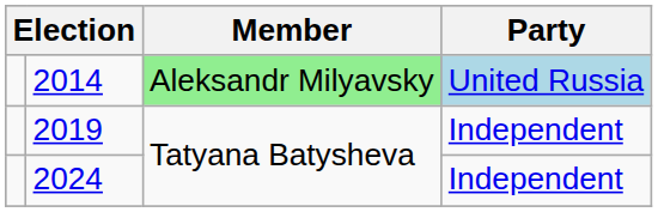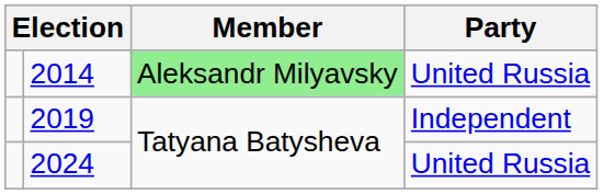 <table class="wikitable">
 <tr>
 <th colspan="2">Election</th>
 <th>Member</th>
 <th>Party</th>
 </tr>
 <tr>
 <td style="background-color:"></td>
 <td><a href='#'>2014</a></td>
 <td style="background: lightgreen;">Aleksandr Milyavsky</td>
-<td style="background: lightblue;"><a href='#'>United Russia</a></td>
+<td><a href='#'>United Russia</a></td>
 </tr>
 <tr>
 <td style="background-color:"></td>
 <td><a href='#'>2019</a></td>
 <td rowspan=2>Tatyana Batysheva</td>
 <td><a href='#'>Independent</a></td>
 </tr>
 <tr>
 <td style="background-color:"></td>
 <td><a href='#'>2024</a></td>
-<td><a href='#'>Independent</a></td>
+<td><a href='#'>United Russia</a></td>
 </tr>
 </table>
